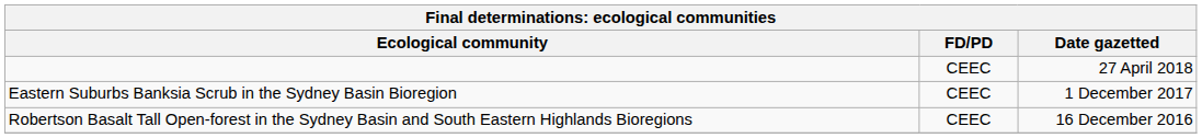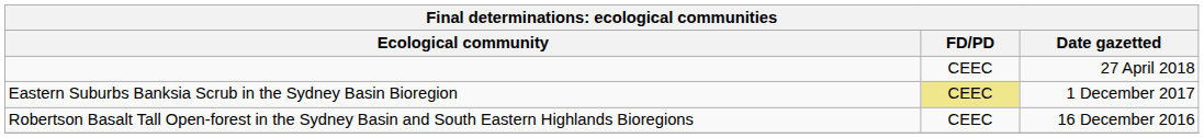 <table class="wikitable sortable">
 <tr>
 <th colspan=3>Final determinations: ecological communities</th>
 </tr>
 <tr>
 <th scope="col" width="900px">Ecological community</th>
 <th scope="col" width="90px">FD/PD</th>
 <th scope="col" width="170px">Date gazetted</th>
 </tr>
 <tr>
 <td></td>
 <td align="center">CEEC</td>
 <td align="right">27 April 2018</td>
 </tr>
 <tr>
 <td>Eastern Suburbs Banksia Scrub in the Sydney Basin Bioregion</td>
-<td align="center">CEEC</td>
+<td align="center" style="background: khaki;">CEEC</td>
 <td align="right">1 December 2017</td>
 </tr>
 <tr>
 <td>Robertson Basalt Tall Open-forest in the Sydney Basin and South Eastern Highlands Bioregions</td>
 <td align="center">CEEC</td>
 <td align="right">16 December 2016</td>
 </tr>
 <tr>
 </tr>
 </table>
